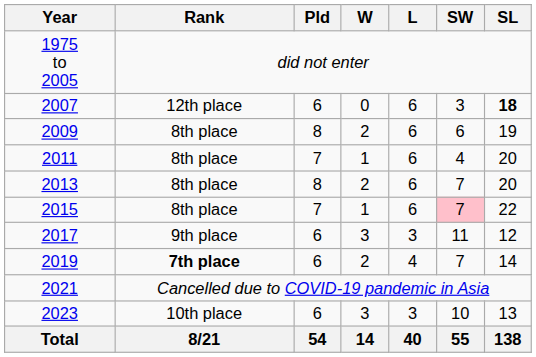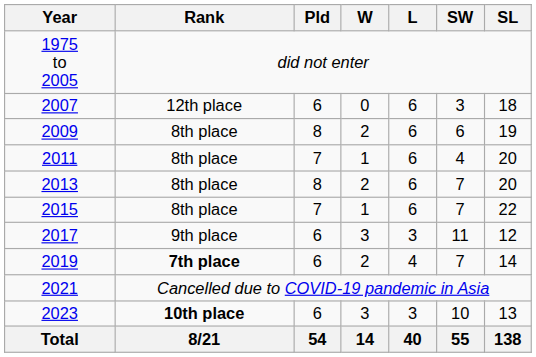 <table class="wikitable" style="text-align: center;font-size:90%;">
 <tr>
 <th width=90>Year</th>
 <th width=150>Rank</th>
 <th width=35>Pld</th>
 <th width=35>W</th>
 <th width=35>L</th>
 <th width=35>SW</th>
 <th width=35>SL</th>
 </tr>
 <tr>
 <td> <a href='#'>1975</a><br>to<br> <a href='#'>2005</a></td>
 <td colspan=6><em>did not enter</em></td>
 </tr>
 <tr>
 <td> <a href='#'>2007</a></td>
 <td>12th place</td>
 <td>6</td>
 <td>0</td>
 <td>6</td>
 <td>3</td>
-<td><strong>18</strong></td>
+<td>18</td>
 </tr>
 <tr>
 <td> <a href='#'>2009</a></td>
 <td>8th place</td>
 <td>8</td>
 <td>2</td>
 <td>6</td>
 <td>6</td>
 <td>19</td>
 </tr>
 <tr>
 <td> <a href='#'>2011</a></td>
 <td>8th place</td>
 <td>7</td>
 <td>1</td>
 <td>6</td>
 <td>4</td>
 <td>20</td>
 </tr>
 <tr>
 <td> <a href='#'>2013</a></td>
 <td>8th place</td>
 <td>8</td>
 <td>2</td>
 <td>6</td>
 <td>7</td>
 <td>20</td>
 </tr>
 <tr>
 <td> <a href='#'>2015</a></td>
 <td>8th place</td>
 <td>7</td>
 <td>1</td>
 <td>6</td>
-<td style="background: pink;">7</td>
+<td>7</td>
 <td>22</td>
 </tr>
 <tr>
 <td> <a href='#'>2017</a></td>
 <td>9th place</td>
 <td>6</td>
 <td>3</td>
 <td>3</td>
 <td>11</td>
 <td>12</td>
 </tr>
 <tr>
 <td> <a href='#'>2019</a></td>
 <td><strong>7th place</strong></td>
 <td>6</td>
 <td>2</td>
 <td>4</td>
 <td>7</td>
 <td>14</td>
 </tr>
 <tr>
 <td> <a href='#'>2021</a></td>
 <td Colspan=10><em>Cancelled due to <a href='#'>COVID-19 pandemic in Asia</a></em></td>
 </tr>
 <tr>
 <td> <a href='#'>2023</a></td>
-<td>10th place</td>
+<td><strong>10th place</strong></td>
 <td>6</td>
 <td>3</td>
 <td>3</td>
 <td>10</td>
 <td>13</td>
 </tr>
 <tr>
 <th>Total</th>
 <th>8/21</th>
 <th>54</th>
 <th>14</th>
 <th>40</th>
 <th>55</th>
 <th>138</th>
 </tr>
 </table>
